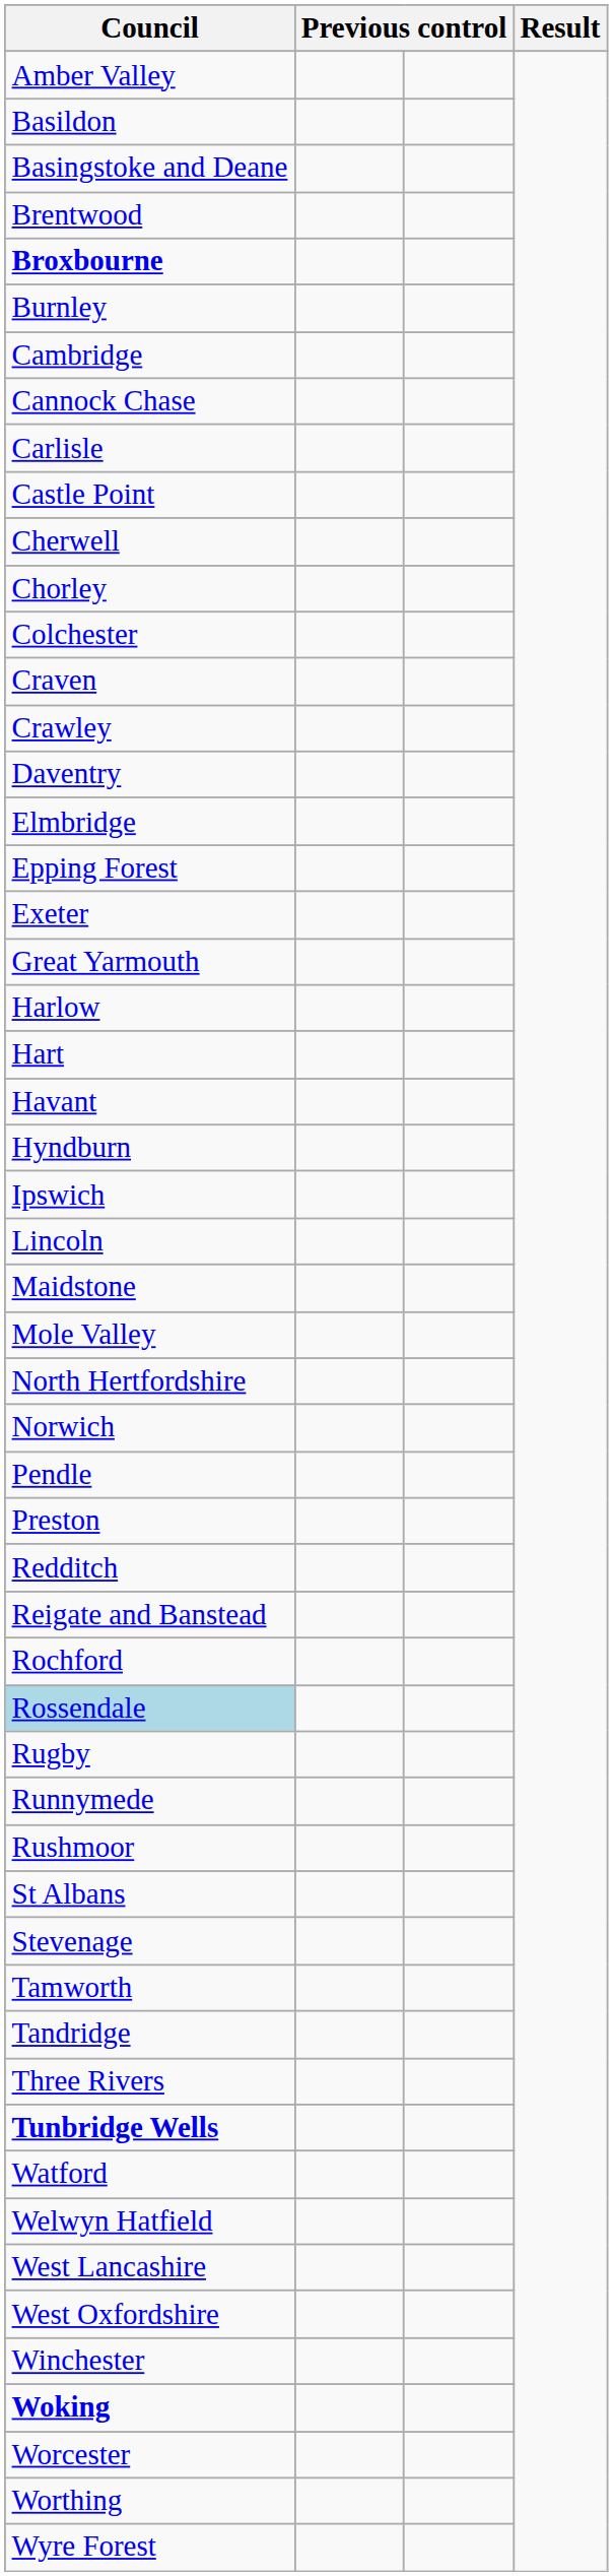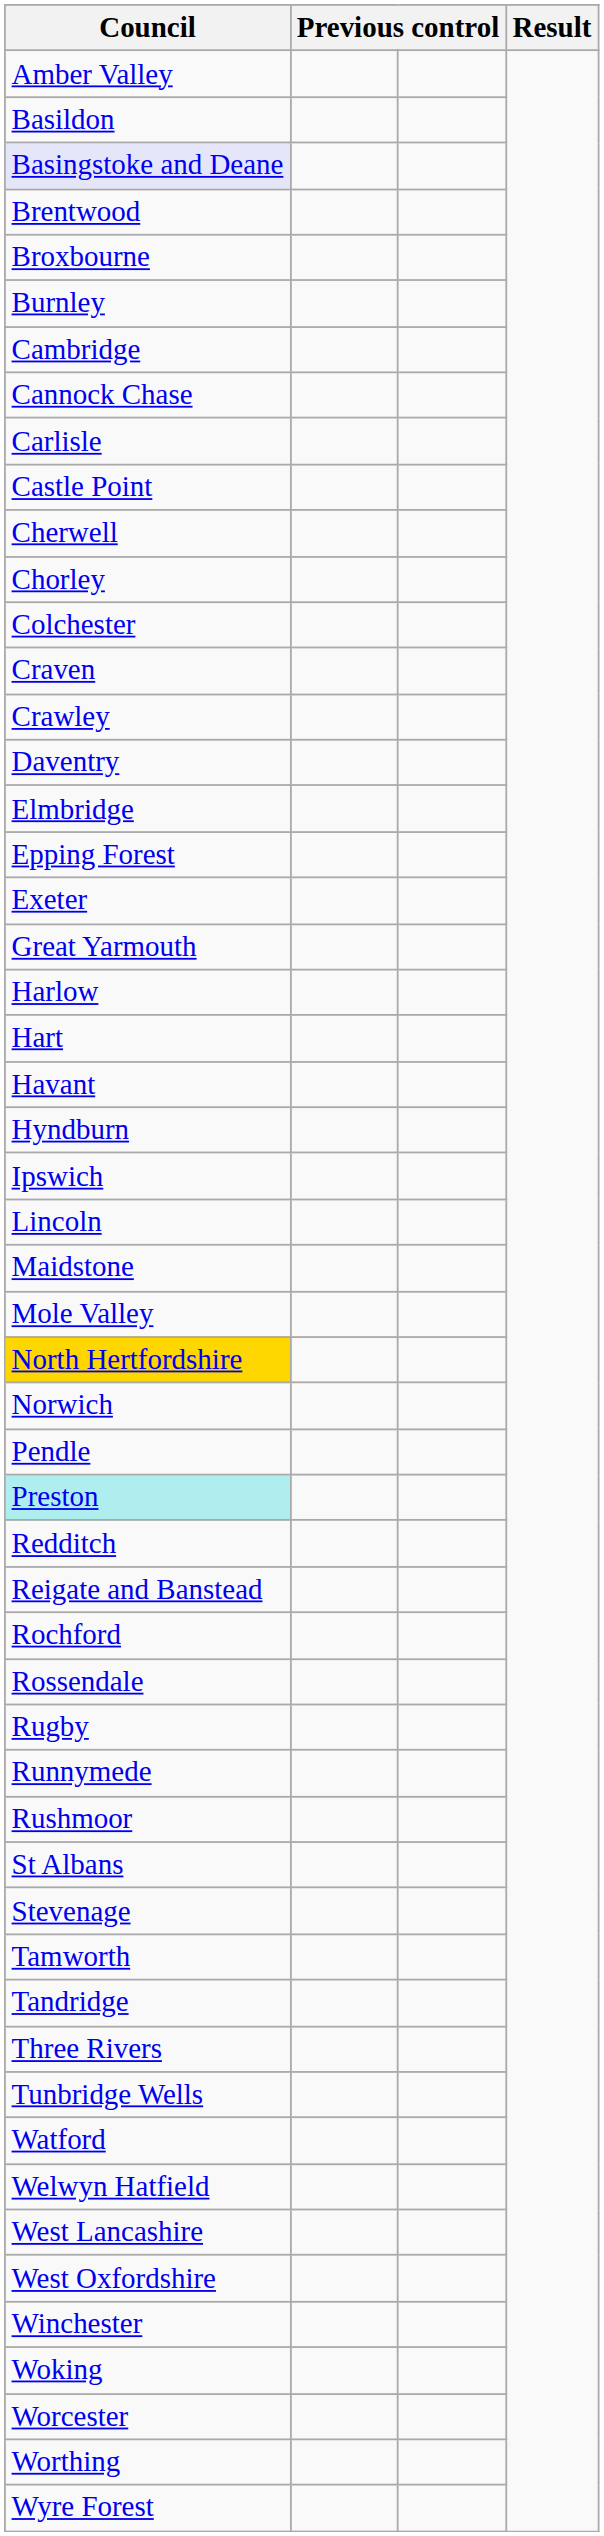 <table class="wikitable sortable">
 <tr>
 <th scope="col">Council</th>
 <th colspan=2>Previous control</th>
 <th colspan=2>Result</th>
 </tr>
 <tr>
 <td><a href='#'>Amber Valley</a></td>
 <td></td>
 <td></td>
 </tr>
 <tr>
 <td><a href='#'>Basildon</a></td>
 <td></td>
 <td></td>
 </tr>
 <tr>
-<td><a href='#'>Basingstoke and Deane</a></td>
+<td style="background: lavender;"><a href='#'>Basingstoke and Deane</a></td>
 <td></td>
 <td></td>
 </tr>
 <tr>
 <td><a href='#'>Brentwood</a></td>
 <td></td>
 <td></td>
 </tr>
 <tr>
-<td><strong><a href='#'>Broxbourne</a></strong></td>
+<td><a href='#'>Broxbourne</a></td>
 <td></td>
 <td></td>
 </tr>
 <tr>
 <td><a href='#'>Burnley</a></td>
 <td></td>
 <td></td>
 </tr>
 <tr>
 <td><a href='#'>Cambridge</a></td>
 <td></td>
 <td></td>
 </tr>
 <tr>
 <td><a href='#'>Cannock Chase</a></td>
 <td></td>
 <td></td>
 </tr>
 <tr>
 <td><a href='#'>Carlisle</a></td>
 <td></td>
 <td></td>
 </tr>
 <tr>
 <td><a href='#'>Castle Point</a></td>
 <td></td>
 <td></td>
 </tr>
 <tr>
 <td><a href='#'>Cherwell</a></td>
 <td></td>
 <td></td>
 </tr>
 <tr>
 <td><a href='#'>Chorley</a></td>
 <td></td>
 <td></td>
 </tr>
 <tr>
 <td><a href='#'>Colchester</a></td>
 <td></td>
 <td></td>
 </tr>
 <tr>
 <td><a href='#'>Craven</a></td>
 <td></td>
 <td></td>
 </tr>
 <tr>
 <td><a href='#'>Crawley</a></td>
 <td></td>
 <td></td>
 </tr>
 <tr>
 <td><a href='#'>Daventry</a></td>
 <td></td>
 <td></td>
 </tr>
 <tr>
 <td><a href='#'>Elmbridge</a></td>
 <td></td>
 <td></td>
 </tr>
 <tr>
 <td><a href='#'>Epping Forest</a></td>
 <td></td>
 <td></td>
 </tr>
 <tr>
 <td><a href='#'>Exeter</a></td>
 <td></td>
 <td></td>
 </tr>
 <tr>
 <td><a href='#'>Great Yarmouth</a></td>
 <td></td>
 <td></td>
 </tr>
 <tr>
 <td><a href='#'>Harlow</a></td>
 <td></td>
 <td></td>
 </tr>
 <tr>
 <td><a href='#'>Hart</a></td>
 <td></td>
 <td></td>
 </tr>
 <tr>
 <td><a href='#'>Havant</a></td>
 <td></td>
 <td></td>
 </tr>
 <tr>
 <td><a href='#'>Hyndburn</a></td>
 <td></td>
 <td></td>
 </tr>
 <tr>
 <td><a href='#'>Ipswich</a></td>
 <td></td>
 <td></td>
 </tr>
 <tr>
 <td><a href='#'>Lincoln</a></td>
 <td></td>
 <td></td>
 </tr>
 <tr>
 <td><a href='#'>Maidstone</a></td>
 <td></td>
 <td></td>
 </tr>
 <tr>
 <td><a href='#'>Mole Valley</a></td>
 <td></td>
 <td></td>
 </tr>
 <tr>
-<td><a href='#'>North Hertfordshire</a></td>
+<td style="background: gold;"><a href='#'>North Hertfordshire</a></td>
 <td></td>
 <td></td>
 </tr>
 <tr>
 <td><a href='#'>Norwich</a></td>
 <td></td>
 <td></td>
 </tr>
 <tr>
 <td><a href='#'>Pendle</a></td>
 <td></td>
 <td></td>
 </tr>
 <tr>
-<td><a href='#'>Preston</a></td>
+<td style="background: paleturquoise;"><a href='#'>Preston</a></td>
 <td></td>
 <td></td>
 </tr>
 <tr>
 <td><a href='#'>Redditch</a></td>
 <td></td>
 <td></td>
 </tr>
 <tr>
 <td><a href='#'>Reigate and Banstead</a></td>
 <td></td>
 <td></td>
 </tr>
 <tr>
 <td><a href='#'>Rochford</a></td>
 <td></td>
 <td></td>
 </tr>
 <tr>
-<td style="background: lightblue;"><a href='#'>Rossendale</a></td>
+<td><a href='#'>Rossendale</a></td>
 <td></td>
 <td></td>
 </tr>
 <tr>
 <td><a href='#'>Rugby</a></td>
 <td></td>
 <td></td>
 </tr>
 <tr>
 <td><a href='#'>Runnymede</a></td>
 <td></td>
 <td></td>
 </tr>
 <tr>
 <td><a href='#'>Rushmoor</a></td>
 <td></td>
 <td></td>
 </tr>
 <tr>
 <td><a href='#'>St Albans</a></td>
 <td></td>
 <td></td>
 </tr>
 <tr>
 <td><a href='#'>Stevenage</a></td>
 <td></td>
 <td></td>
 </tr>
 <tr>
 <td><a href='#'>Tamworth</a></td>
 <td></td>
 <td></td>
 </tr>
 <tr>
 <td><a href='#'>Tandridge</a></td>
 <td></td>
 <td></td>
 </tr>
 <tr>
 <td><a href='#'>Three Rivers</a></td>
 <td></td>
 <td></td>
 </tr>
 <tr>
-<td><strong><a href='#'>Tunbridge Wells</a></strong></td>
+<td><a href='#'>Tunbridge Wells</a></td>
 <td></td>
 <td></td>
 </tr>
 <tr>
 <td><a href='#'>Watford</a></td>
 <td></td>
 <td></td>
 </tr>
 <tr>
 <td><a href='#'>Welwyn Hatfield</a></td>
 <td></td>
 <td></td>
 </tr>
 <tr>
 <td><a href='#'>West Lancashire</a></td>
 <td></td>
 <td></td>
 </tr>
 <tr>
 <td><a href='#'>West Oxfordshire</a></td>
 <td></td>
 <td></td>
 </tr>
 <tr>
 <td><a href='#'>Winchester</a></td>
 <td></td>
 <td></td>
 </tr>
 <tr>
-<td><strong><a href='#'>Woking</a></strong></td>
+<td><a href='#'>Woking</a></td>
 <td></td>
 <td></td>
 </tr>
 <tr>
 <td><a href='#'>Worcester</a></td>
 <td></td>
 <td></td>
 </tr>
 <tr>
 <td><a href='#'>Worthing</a></td>
 <td></td>
 <td></td>
 </tr>
 <tr>
 <td><a href='#'>Wyre Forest</a></td>
 <td></td>
 <td></td>
 </tr>
 <tr>
 </tr>
 </table>
